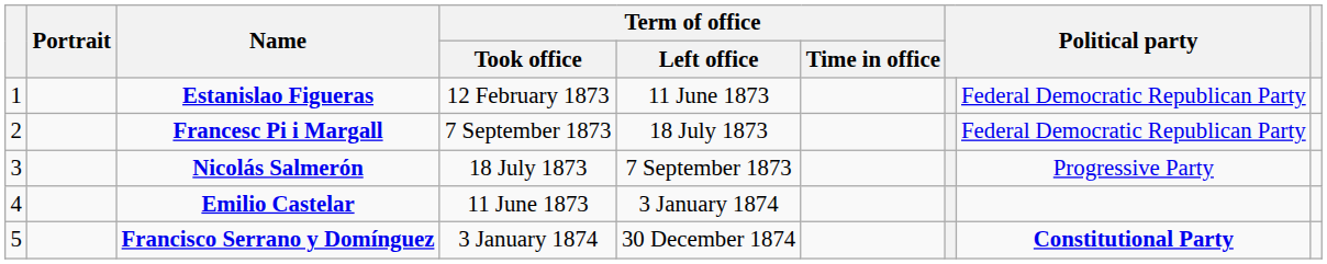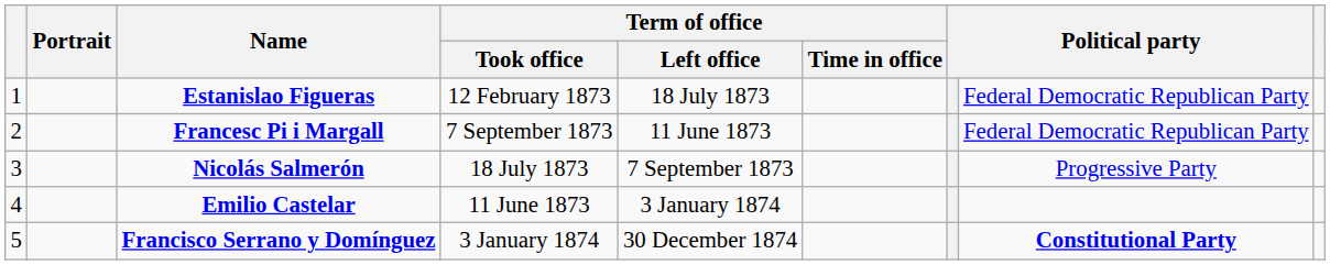 <table class="wikitable" style="text-align:center">
 <tr>
 <th rowspan=2></th>
 <th rowspan=2>Portrait</th>
 <th rowspan=2>Name<br></th>
 <th colspan=3>Term of office</th>
 <th colspan=2 rowspan=2>Political party</th>
 <th rowspan=2></th>
 </tr>
 <tr>
 <th>Took office</th>
 <th>Left office</th>
 <th>Time in office</th>
 </tr>
 <tr>
 <td>1</td>
 <td></td>
 <td><strong><a href='#'>Estanislao Figueras</a></strong><br></td>
 <td>12 February 1873</td>
-<td>11 June 1873</td>
+<td>18 July 1873</td>
 <td></td>
 <th style="background-color:"></th>
 <td><a href='#'>Federal Democratic Republican Party</a></td>
 <td></td>
 </tr>
 <tr>
 <td>2</td>
 <td></td>
 <td><strong><a href='#'>Francesc Pi i Margall</a></strong><br></td>
 <td>7 September 1873</td>
-<td>18 July 1873</td>
+<td>11 June 1873</td>
 <td></td>
 <th style="background-color:"></th>
 <td><a href='#'>Federal Democratic Republican Party</a></td>
 <td></td>
 </tr>
 <tr>
 <td>3</td>
 <td></td>
 <td><strong><a href='#'>Nicolás Salmerón</a></strong><br></td>
 <td>18 July 1873</td>
 <td>7 September 1873</td>
 <td></td>
 <th style="background-color:"></th>
 <td><a href='#'>Progressive Party</a></td>
 <td></td>
 </tr>
 <tr>
 <td>4</td>
 <td></td>
 <td><strong><a href='#'>Emilio Castelar</a></strong><br></td>
 <td>11 June 1873</td>
 <td>3 January 1874<br></td>
 <td></td>
 <th style="background-color:"></th>
 <td></td>
 <td></td>
 </tr>
 <tr>
 <td>5</td>
 <td></td>
 <td><strong><a href='#'>Francisco Serrano y Domínguez</a></strong><br></td>
 <td>3 January 1874</td>
 <td>30 December 1874</td>
 <td></td>
 <th style="background-color:"></th>
 <td><strong><a href='#'>Constitutional Party</a></strong></td>
 <td></td>
 </tr>
 </table>
